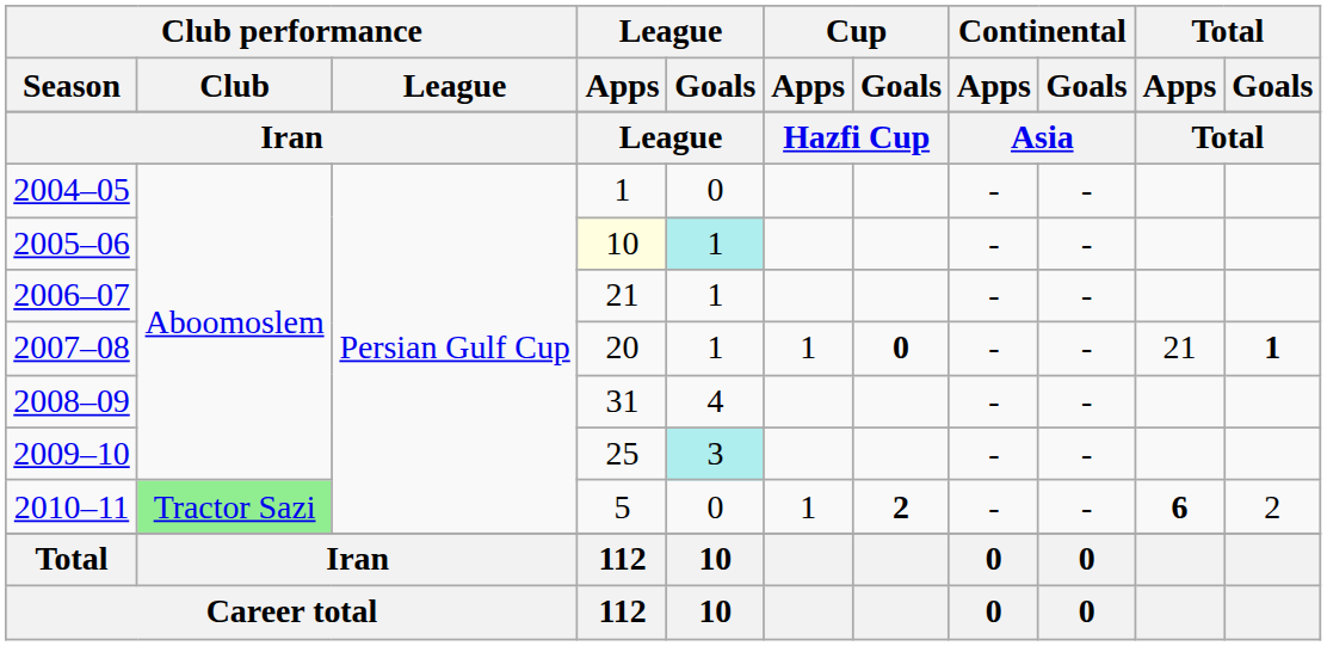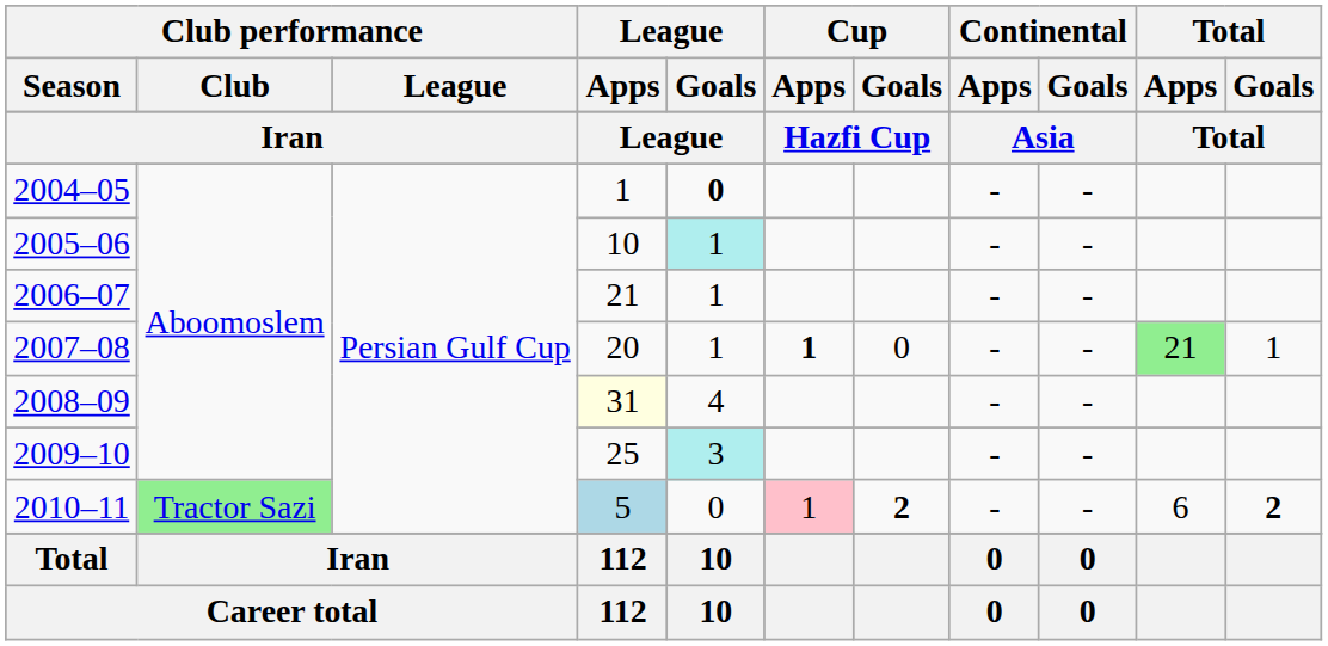 <table class="wikitable" style="text-align:center">
 <tr>
 <th colspan=3>Club performance</th>
 <th colspan=2>League</th>
 <th colspan=2>Cup</th>
 <th colspan=2>Continental</th>
 <th colspan=2>Total</th>
 </tr>
 <tr>
 <th>Season</th>
 <th>Club</th>
 <th>League</th>
 <th>Apps</th>
 <th>Goals</th>
 <th>Apps</th>
 <th>Goals</th>
 <th>Apps</th>
 <th>Goals</th>
 <th>Apps</th>
 <th>Goals</th>
 </tr>
 <tr>
 </tr>
 <tr>
 <th colspan=3>Iran</th>
 <th colspan=2>League</th>
 <th colspan=2><a href='#'>Hazfi Cup</a></th>
 <th colspan=2><a href='#'>Asia</a></th>
 <th colspan=2>Total</th>
 </tr>
 <tr>
 <td><a href='#'>2004–05</a></td>
 <td rowspan="6"><a href='#'>Aboomoslem</a></td>
 <td rowspan="7"><a href='#'>Persian Gulf Cup</a></td>
 <td>1</td>
-<td>0</td>
+<td><strong>0</strong></td>
 <td></td>
 <td></td>
 <td>-</td>
 <td>-</td>
 <td></td>
 <td></td>
 </tr>
 <tr>
 <td><a href='#'>2005–06</a></td>
-<td style="background: lightyellow;">10</td>
+<td>10</td>
 <td style="background: paleturquoise;">1</td>
 <td></td>
 <td></td>
 <td>-</td>
 <td>-</td>
 <td></td>
 <td></td>
 </tr>
 <tr>
 <td><a href='#'>2006–07</a></td>
 <td>21</td>
 <td>1</td>
 <td></td>
 <td></td>
 <td>-</td>
 <td>-</td>
 <td></td>
 <td></td>
 </tr>
 <tr>
 <td><a href='#'>2007–08</a></td>
 <td>20</td>
 <td>1</td>
-<td>1</td>
-<td><strong>0</strong></td>
+<td><strong>1</strong></td>
+<td>0</td>
 <td>-</td>
 <td>-</td>
-<td>21</td>
-<td><strong>1</strong></td>
+<td style="background: lightgreen;">21</td>
+<td>1</td>
 </tr>
 <tr>
 <td><a href='#'>2008–09</a></td>
-<td>31</td>
+<td style="background: lightyellow;">31</td>
 <td>4</td>
 <td></td>
 <td></td>
 <td>-</td>
 <td>-</td>
 <td></td>
 <td></td>
 </tr>
 <tr>
 <td><a href='#'>2009–10</a></td>
 <td>25</td>
 <td style="background: paleturquoise;">3</td>
 <td></td>
 <td></td>
 <td>-</td>
 <td>-</td>
 <td></td>
 <td></td>
 </tr>
 <tr>
 <td><a href='#'>2010–11</a></td>
 <td rowspan="1" style="background: lightgreen;"><a href='#'>Tractor Sazi</a></td>
-<td>5</td>
+<td style="background: lightblue;">5</td>
 <td>0</td>
-<td>1</td>
+<td style="background: pink;">1</td>
 <td><strong>2</strong></td>
 <td>-</td>
 <td>-</td>
-<td><strong>6</strong></td>
-<td>2</td>
+<td>6</td>
+<td><strong>2</strong></td>
 </tr>
 <tr>
 </tr>
 <tr>
 <th rowspan=1>Total</th>
 <th colspan=2>Iran</th>
 <th>112</th>
 <th>10</th>
 <th></th>
 <th></th>
 <th>0</th>
 <th>0</th>
 <th></th>
 <th></th>
 </tr>
 <tr>
 <th colspan=3>Career total</th>
 <th>112</th>
 <th>10</th>
 <th></th>
 <th></th>
 <th>0</th>
 <th>0</th>
 <th></th>
 <th></th>
 </tr>
 </table>
